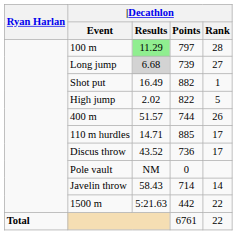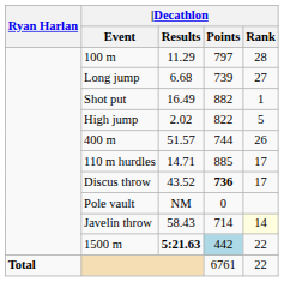 <table class=wikitable style="font-size:90%;">
 <tr>
 <th rowspan="2"><a href='#'>Ryan Harlan</a></th>
 <th colspan="4">|<a href='#'>Decathlon</a></th>
 </tr>
 <tr>
 <th>Event</th>
 <th>Results</th>
 <th>Points</th>
 <th>Rank</th>
 </tr>
 <tr style="border-top: single;">
 <td rowspan="10"></td>
 <td>100 m</td>
-<td align=center style="background: lightgreen;">11.29</td>
+<td align=center>11.29</td>
 <td align=center>797</td>
 <td align=center>28</td>
 </tr>
 <tr>
 <td>Long jump</td>
-<td align=center style="background: lightgrey;">6.68</td>
+<td align=center>6.68</td>
 <td align=center>739</td>
 <td align=center>27</td>
 </tr>
 <tr>
 <td>Shot put</td>
 <td align=center>16.49</td>
 <td align=center>882</td>
 <td align=center>1</td>
 </tr>
 <tr>
 <td>High jump</td>
 <td align=center>2.02</td>
 <td align=center>822</td>
 <td align=center>5</td>
 </tr>
 <tr>
 <td>400 m</td>
 <td align=center>51.57</td>
 <td align=center>744</td>
 <td align=center>26</td>
 </tr>
 <tr>
 <td>110 m hurdles</td>
 <td align=center>14.71</td>
 <td align=center>885</td>
 <td align=center>17</td>
 </tr>
 <tr>
 <td>Discus throw</td>
 <td align=center>43.52</td>
-<td align=center>736</td>
+<td align=center><strong>736</strong></td>
 <td align=center>17</td>
 </tr>
 <tr>
 <td>Pole vault</td>
 <td align=center>NM</td>
 <td align=center>0</td>
 <td align=center></td>
 </tr>
 <tr>
 <td>Javelin throw</td>
 <td align=center>58.43</td>
 <td align=center>714</td>
-<td align=center>14</td>
+<td align=center style="background: lightyellow;">14</td>
 </tr>
 <tr>
 <td>1500 m</td>
-<td align=center>5:21.63</td>
-<td align=center>442</td>
+<td align=center><strong>5:21.63</strong></td>
+<td align=center style="background: lightblue;">442</td>
 <td align=center>22</td>
 </tr>
 <tr style="border-top: single;">
 <td><strong>Total</strong></td>
 <td colspan="2" style="background:wheat;"></td>
 <td align=center>6761</td>
 <td align=center>22</td>
 </tr>
 </table>
